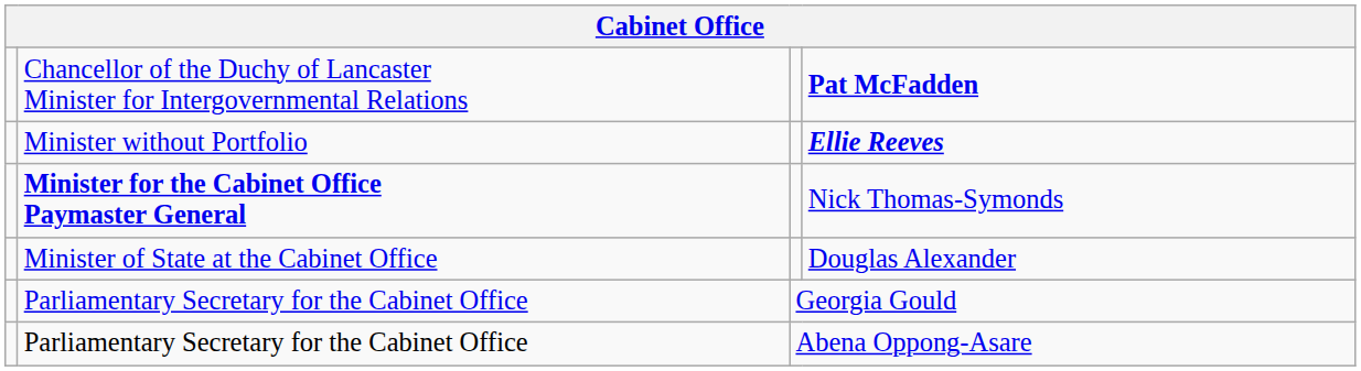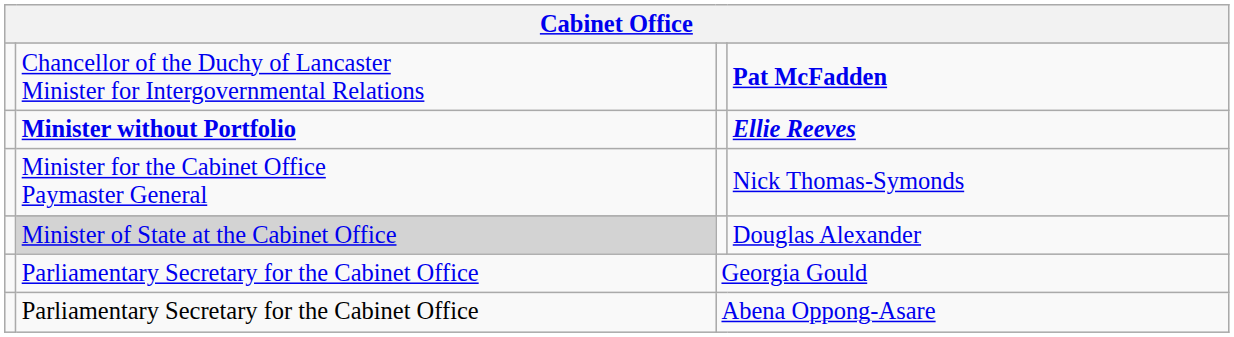 <table class="wikitable">
 <tr>
 <th colspan="4"><a href='#'>Cabinet Office</a></th>
 </tr>
 <tr>
 <td style="background: "></td>
 <td style="width: 450px;"><a href='#'>Chancellor of the Duchy of Lancaster</a><br><a href='#'>Minister for Intergovernmental Relations</a></td>
 <td style="background: "></td>
 <td style="width: 320px;"><strong><a href='#'>Pat McFadden</a></strong></td>
 </tr>
 <tr>
 <td style="background: "></td>
-<td><a href='#'>Minister without Portfolio</a></td>
+<td><strong><a href='#'>Minister without Portfolio</a></strong></td>
 <td style="background: "></td>
 <td style="width: 320px;"><strong><em><a href='#'>Ellie Reeves</a></em></strong><br></td>
 </tr>
 <tr>
 <td style="background: "></td>
-<td><strong><a href='#'>Minister for the Cabinet Office</a><br><a href='#'>Paymaster General</a></strong></td>
+<td><a href='#'>Minister for the Cabinet Office</a><br><a href='#'>Paymaster General</a></td>
 <td style="background: "></td>
 <td><a href='#'>Nick Thomas-Symonds</a></td>
 </tr>
 <tr>
 <td style="background: "></td>
-<td><a href='#'>Minister of State at the Cabinet Office</a></td>
+<td style="background: lightgrey;"><a href='#'>Minister of State at the Cabinet Office</a></td>
 <td style="background: "></td>
 <td colspan="2"><a href='#'>Douglas Alexander</a><br></td>
 </tr>
 <tr>
 <td style="background: "></td>
 <td><a href='#'>Parliamentary Secretary for the Cabinet Office</a></td>
 <td colspan=2><a href='#'>Georgia Gould</a> </td>
 </tr>
 <tr>
 <td style="background: "></td>
 <td>Parliamentary Secretary for the Cabinet Office</td>
 <td colspan=2><a href='#'>Abena Oppong-Asare</a></td>
 </tr>
 </table>
